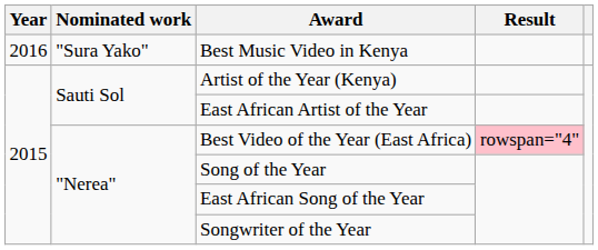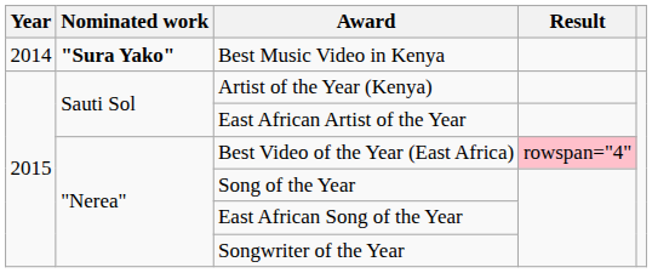 <table class ="wikitable">
 <tr>
 <th>Year</th>
 <th>Nominated work</th>
 <th>Award</th>
 <th>Result</th>
 <th></th>
 </tr>
 <tr>
-<td>2016</td>
-<td>"Sura Yako"</td>
+<td>2014</td>
+<td><strong>"Sura Yako"</strong></td>
 <td>Best Music Video in Kenya</td>
 <td></td>
 <td></td>
 </tr>
 <tr>
 <td rowspan="6">2015</td>
 <td rowspan="2">Sauti Sol</td>
 <td>Artist of the Year (Kenya)</td>
 <td></td>
 <td rowspan="6"></td>
 </tr>
 <tr>
 <td>East African Artist of the Year</td>
 <td></td>
 </tr>
 <tr>
 <td rowspan="4">"Nerea" </td>
 <td>Best Video of the Year (East Africa)</td>
 <td style="background: pink;">rowspan="4" </td>
 </tr>
 <tr>
 <td>Song of the Year</td>
 </tr>
 <tr>
 <td>East African Song of the Year</td>
 </tr>
 <tr>
 <td>Songwriter of the Year</td>
 </tr>
 </table>
